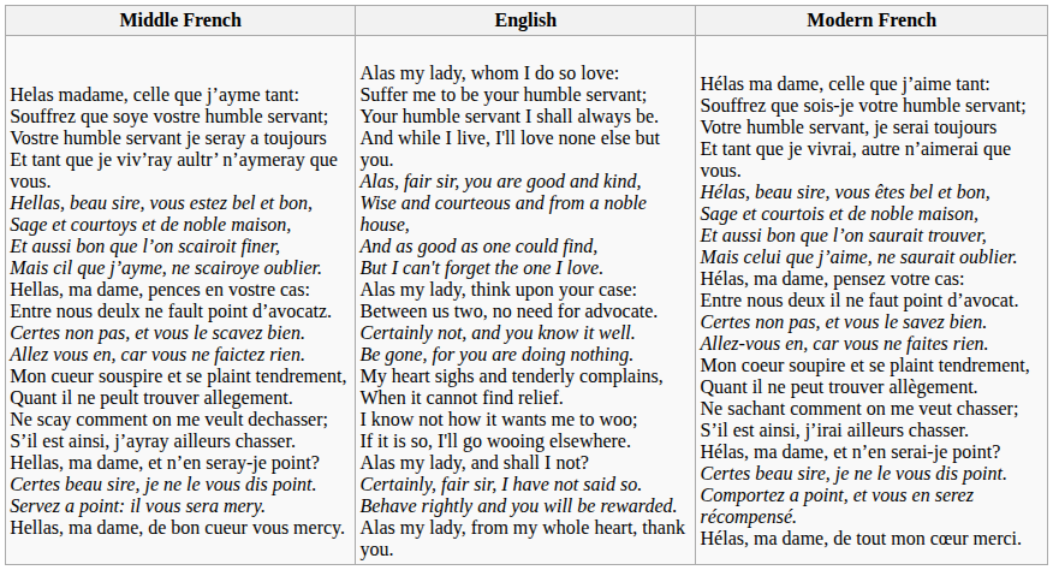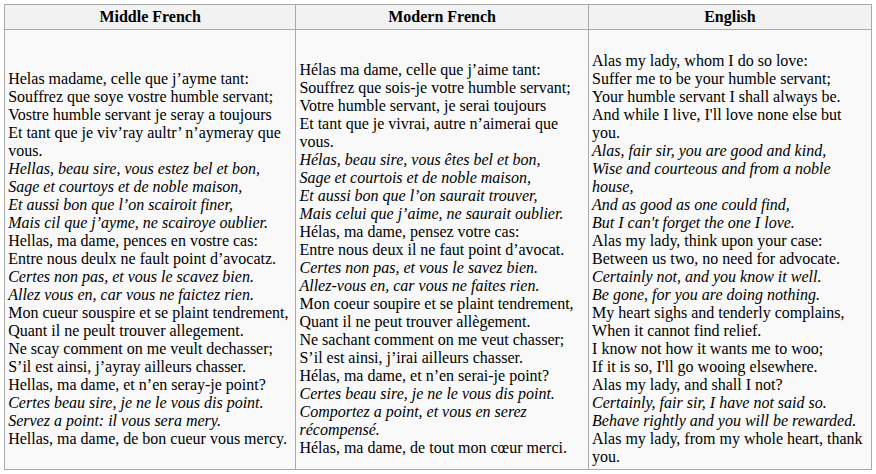 <table class="wikitable">
 <tr>
 <th>Middle French</th>
+<th>Modern French</th>
 <th>English</th>
-<th>Modern French</th>
 </tr>
 <tr>
 <td><br>Helas madame, celle que j’ayme tant:<br> Souffrez que soye vostre humble servant;<br> Vostre humble servant je seray a toujours<br> Et tant que je viv’ray aultr’ n’aymeray que vous.<br><em>Hellas, beau sire, vous estez bel et bon,</em><br> <em>Sage et courtoys et de noble maison,</em><br> <em>Et aussi bon que l’on scairoit finer,</em><br> <em>Mais cil que j’ayme, ne scairoye oublier.</em><br>Hellas, ma dame, pences en vostre cas:<br> Entre nous deulx ne fault point d’avocatz.<br> <em>Certes non pas, et vous le scavez bien.</em><br> <em>Allez vous en, car vous ne faictez rien.</em><br>Mon cueur souspire et se plaint tendrement,<br> Quant il ne peult trouver allegement.<br> Ne scay comment on me veult dechasser;<br> S’il est ainsi, j’ayray ailleurs chasser.<br>Hellas, ma dame, et n’en seray-je point?<br> <em>Certes beau sire, je ne le vous dis point.</em><br> <em>Servez a point: il vous sera mery.</em><br> Hellas, ma dame, de bon cueur vous mercy.</td>
+<td><br>Hélas ma dame, celle que j’aime tant:<br> Souffrez que sois-je votre humble servant;<br> Votre humble servant, je serai toujours<br> Et tant que je vivrai, autre n’aimerai que vous.<br><em>Hélas, beau sire, vous êtes bel et bon,</em><br> <em>Sage et courtois et de noble maison,</em><br> <em>Et aussi bon que l’on saurait trouver,</em><br> <em>Mais celui que j’aime, ne saurait oublier.</em><br>Hélas, ma dame, pensez votre cas:<br> Entre nous deux il ne faut point d’avocat.<br> <em>Certes non pas, et vous le savez bien.</em><br> <em>Allez-vous en, car vous ne faites rien.</em><br>Mon coeur soupire et se plaint tendrement,<br> Quant il ne peut trouver allègement.<br> Ne sachant comment on me veut chasser;<br> S’il est ainsi, j’irai ailleurs chasser.<br>Hélas, ma dame, et n’en serai-je point?<br> <em>Certes beau sire, je ne le vous dis point.</em><br> <em>Comportez a point, et vous en serez récompensé.</em><br> Hélas, ma dame, de tout mon cœur merci.</td>
 <td><br>Alas my lady, whom I do so love:<br> Suffer me to be your humble servant;<br> Your humble servant I shall always be.<br> And while I live, I'll love none else but you.<br><em>Alas, fair sir, you are good and kind,</em><br> <em>Wise and courteous and from a noble house,</em><br> <em>And as good as one could find,</em><br> <em>But I can't forget the one I love.</em><br>Alas my lady, think upon your case:<br> Between us two, no need for advocate.<br> <em>Certainly not, and you know it well.</em><br> <em>Be gone, for you are doing nothing.</em><br>My heart sighs and tenderly complains,<br> When it cannot find relief.<br> I know not how it wants me to woo;<br> If it is so, I'll go wooing elsewhere.<br>Alas my lady, and shall I not?<br> <em>Certainly, fair sir, I have not said so.</em><br> <em>Behave rightly and you will be rewarded.</em><br> Alas my lady, from my whole heart, thank you.</td>
-<td><br>Hélas ma dame, celle que j’aime tant:<br> Souffrez que sois-je votre humble servant;<br> Votre humble servant, je serai toujours<br> Et tant que je vivrai, autre n’aimerai que vous.<br><em>Hélas, beau sire, vous êtes bel et bon,</em><br> <em>Sage et courtois et de noble maison,</em><br> <em>Et aussi bon que l’on saurait trouver,</em><br> <em>Mais celui que j’aime, ne saurait oublier.</em><br>Hélas, ma dame, pensez votre cas:<br> Entre nous deux il ne faut point d’avocat.<br> <em>Certes non pas, et vous le savez bien.</em><br> <em>Allez-vous en, car vous ne faites rien.</em><br>Mon coeur soupire et se plaint tendrement,<br> Quant il ne peut trouver allègement.<br> Ne sachant comment on me veut chasser;<br> S’il est ainsi, j’irai ailleurs chasser.<br>Hélas, ma dame, et n’en serai-je point?<br> <em>Certes beau sire, je ne le vous dis point.</em><br> <em>Comportez a point, et vous en serez récompensé.</em><br> Hélas, ma dame, de tout mon cœur merci.</td>
 </tr>
 </table>
